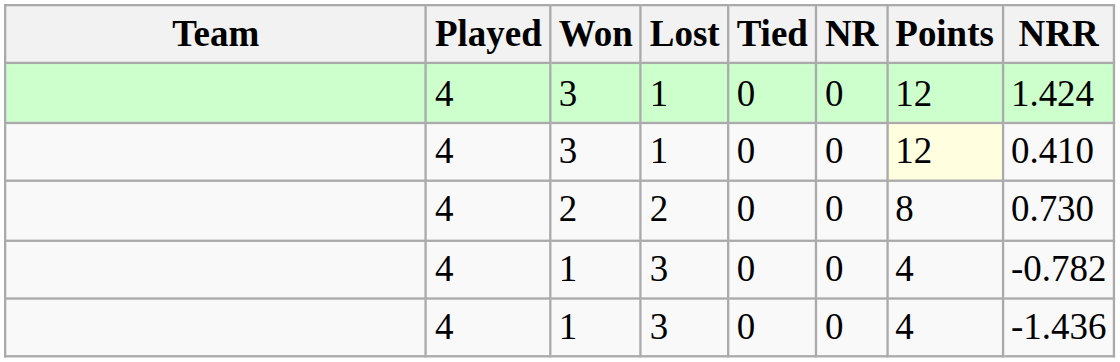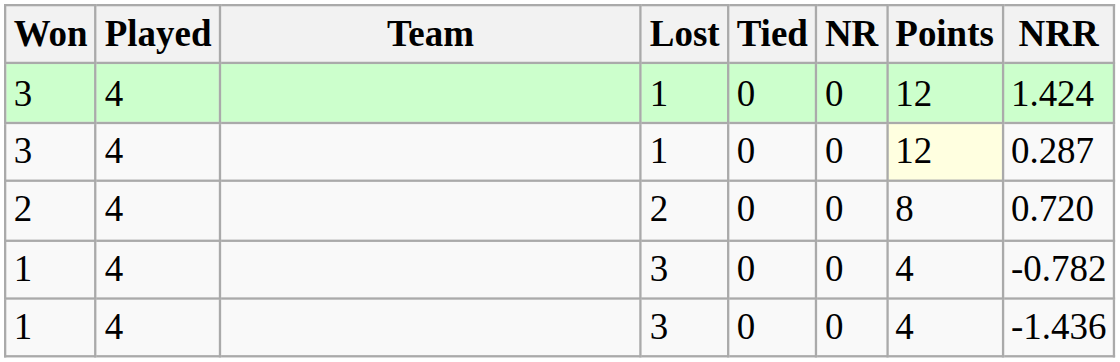 <table class="wikitable">
 <tr>
+<th>Won</th>
+<th>Played</th>
 <th width=175>Team</th>
-<th>Played</th>
-<th>Won</th>
 <th>Lost</th>
 <th>Tied</th>
 <th>NR</th>
 <th>Points</th>
 <th>NRR</th>
 </tr>
 <tr style="background:#ccffcc">
+<td>3</td>
+<td>4</td>
 <td></td>
-<td>4</td>
-<td>3</td>
 <td>1</td>
 <td>0</td>
 <td>0</td>
 <td>12</td>
 <td>1.424</td>
 </tr>
 <tr>
+<td>3</td>
+<td>4</td>
 <td></td>
-<td>4</td>
-<td>3</td>
 <td>1</td>
 <td>0</td>
 <td>0</td>
 <td style="background: lightyellow;">12</td>
-<td>0.410</td>
+<td>0.287</td>
 </tr>
 <tr>
+<td>2</td>
+<td>4</td>
 <td></td>
-<td>4</td>
-<td>2</td>
 <td>2</td>
 <td>0</td>
 <td>0</td>
 <td>8</td>
-<td>0.730</td>
+<td>0.720</td>
 </tr>
 <tr>
+<td>1</td>
+<td>4</td>
 <td></td>
-<td>4</td>
-<td>1</td>
 <td>3</td>
 <td>0</td>
 <td>0</td>
 <td>4</td>
 <td>-0.782</td>
 </tr>
 <tr>
+<td>1</td>
+<td>4</td>
 <td></td>
-<td>4</td>
-<td>1</td>
 <td>3</td>
 <td>0</td>
 <td>0</td>
 <td>4</td>
 <td>-1.436</td>
 </tr>
 </table>
